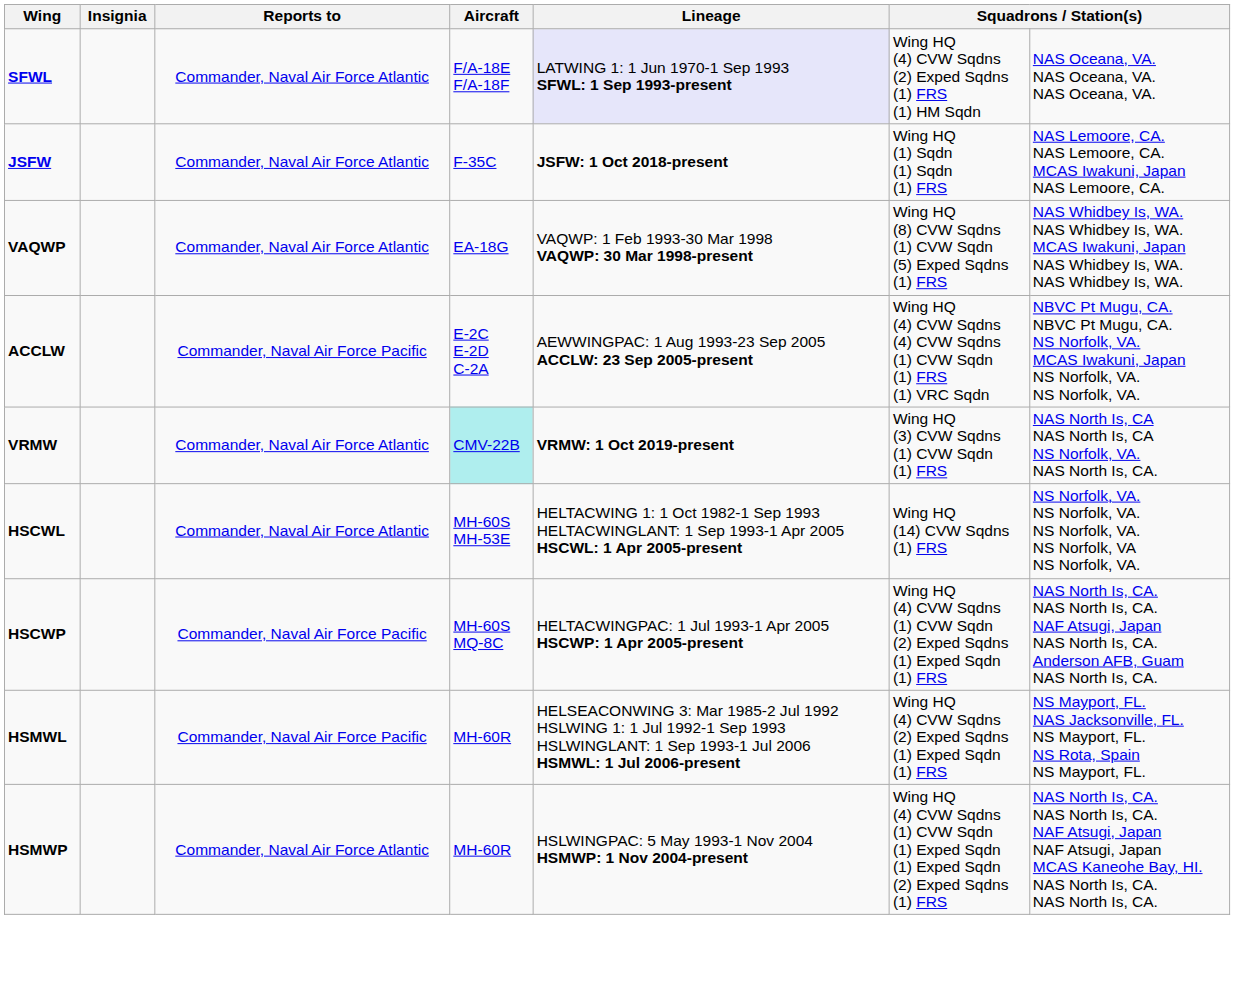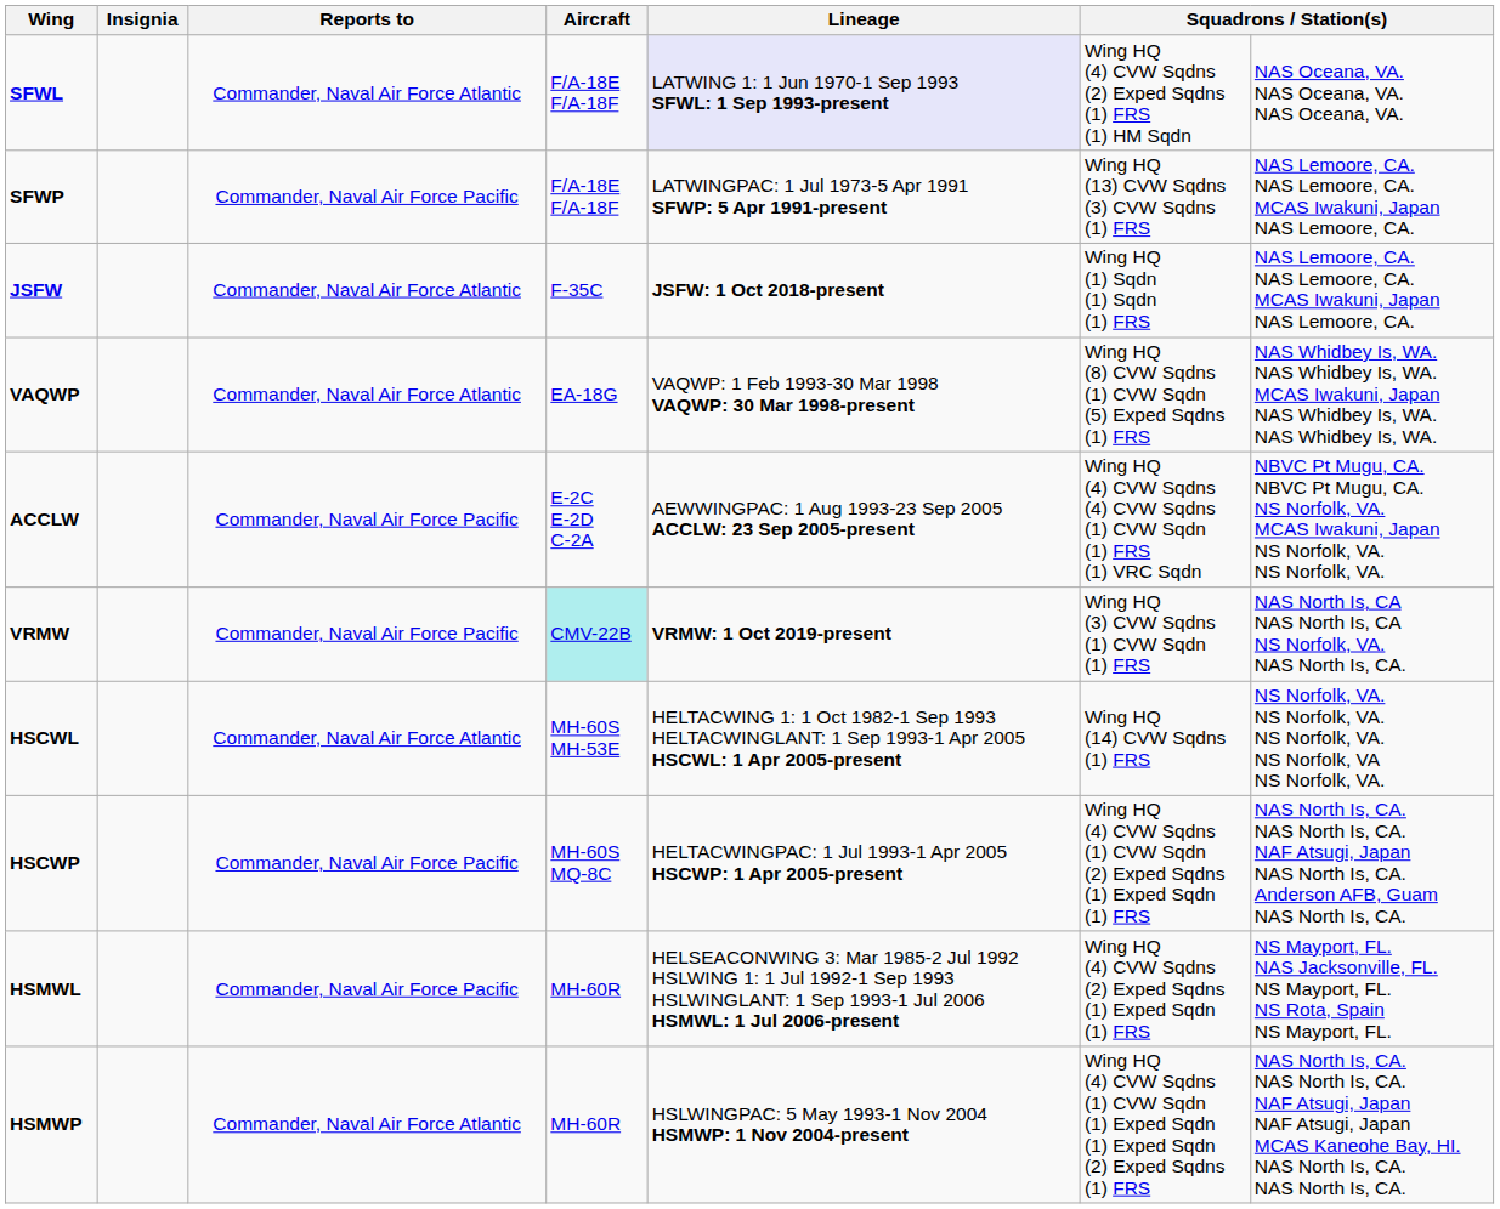 <table class="wikitable" width=100% style="text-align: center">
 <tr>
 <th>Wing</th>
 <th>Insignia</th>
 <th>Reports to</th>
 <th>Aircraft</th>
 <th>Lineage</th>
 <th colspan=2>Squadrons / Station(s)</th>
 </tr>
 <tr>
 <td align=left><strong><a href='#'>SFWL</a></strong></td>
 <td></td>
 <td><a href='#'>Commander, Naval Air Force Atlantic</a></td>
 <td align=left style="white-space: nowrap;"><a href='#'>F/A-18E<br>F/A-18F</a></td>
 <td style="background: lavender; white-space: nowrap;" align=left>LATWING 1: 1 Jun 1970-1 Sep 1993<br><strong>SFWL: 1 Sep 1993-present</strong></td>
 <td style="white-space: nowrap;" align=left>Wing HQ<br>(4) CVW Sqdns<br>(2) Exped Sqdns<br>(1) <a href='#'>FRS</a><br>(1) HM Sqdn</td>
 <td style="white-space: nowrap;" align=left><a href='#'>NAS Oceana, VA.</a><br>NAS Oceana, VA.<br>NAS Oceana, VA.</td>
+</tr>
+<tr>
+<td align=left><strong>SFWP</strong></td>
+<td></td>
+<td><a href='#'>Commander, Naval Air Force Pacific</a></td>
+<td align=left><a href='#'>F/A-18E<br>F/A-18F</a></td>
+<td style="white-space: nowrap;" align=left>LATWINGPAC: 1 Jul 1973-5 Apr 1991<br><strong>SFWP: 5 Apr 1991-present</strong></td>
+<td style="white-space: nowrap;" align=left>Wing HQ<br>(13) CVW Sqdns<br>(3) CVW Sqdns<br>(1) <a href='#'>FRS</a></td>
+<td style="white-space: nowrap;" align=left><a href='#'>NAS Lemoore, CA.</a><br>NAS Lemoore, CA.<br><a href='#'>MCAS Iwakuni, Japan</a><br>NAS Lemoore, CA.</td>
 </tr>
 <tr>
 <td align=left><strong><a href='#'>JSFW</a></strong></td>
 <td></td>
 <td><a href='#'>Commander, Naval Air Force Atlantic</a></td>
 <td align=left><a href='#'>F-35C</a></td>
 <td style="white-space: nowrap;" align=left><strong>JSFW: 1 Oct 2018-present</strong></td>
 <td align=left>Wing HQ<br>(1) Sqdn<br>(1) Sqdn<br>(1) <a href='#'>FRS</a></td>
 <td style="white-space: nowrap;" align=left><a href='#'>NAS Lemoore, CA.</a><br>NAS Lemoore, CA.<br><a href='#'>MCAS Iwakuni, Japan</a><br>NAS Lemoore, CA.</td>
 </tr>
 <tr>
 <td align=left style="white-space: nowrap;"><strong>VAQWP</strong></td>
 <td></td>
 <td><a href='#'>Commander, Naval Air Force Atlantic</a></td>
 <td align=left><a href='#'>EA-18G</a></td>
 <td style="white-space: nowrap;" align=left>VAQWP: 1 Feb 1993-30 Mar 1998<br><strong>VAQWP: 30 Mar 1998-present</strong></td>
 <td style="white-space: nowrap;" align=left>Wing HQ<br>(8) CVW Sqdns<br>(1) CVW Sqdn<br>(5) Exped Sqdns<br>(1) <a href='#'>FRS</a></td>
 <td style="white-space: nowrap;" align=left><a href='#'>NAS Whidbey Is, WA.</a><br>NAS Whidbey Is, WA.<br><a href='#'>MCAS Iwakuni, Japan</a><br>NAS Whidbey Is, WA.<br>NAS Whidbey Is, WA.</td>
 </tr>
 <tr>
 <td align=left><strong>ACCLW</strong></td>
 <td></td>
 <td><a href='#'>Commander, Naval Air Force Pacific</a></td>
 <td align=left><a href='#'>E-2C<br>E-2D</a><br><a href='#'>C-2A</a></td>
 <td style="white-space: nowrap;" align=left>AEWWINGPAC: 1 Aug 1993-23 Sep 2005<br><strong>ACCLW: 23 Sep 2005-present</strong></td>
 <td style="white-space: nowrap;" align=left>Wing HQ<br>(4) CVW Sqdns<br>(4) CVW Sqdns<br>(1) CVW Sqdn<br>(1) <a href='#'>FRS</a><br> (1) VRC Sqdn</td>
 <td style="white-space: nowrap;" align=left><a href='#'>NBVC Pt Mugu, CA.</a><br>NBVC Pt Mugu, CA.<br><a href='#'>NS Norfolk, VA.</a><br><a href='#'>MCAS Iwakuni, Japan</a><br>NS Norfolk, VA.<br>NS Norfolk, VA.</td>
 </tr>
 <tr>
 <td align=left><strong>VRMW</strong></td>
 <td></td>
-<td><a href='#'>Commander, Naval Air Force Atlantic</a></td>
+<td><a href='#'>Commander, Naval Air Force Pacific</a></td>
 <td style="background: paleturquoise; white-space: nowrap;" align=left><a href='#'>CMV-22B</a></td>
 <td align=left><strong>VRMW: 1 Oct 2019-present</strong></td>
 <td style="white-space: nowrap;" align=left>Wing HQ<br>(3) CVW Sqdns<br>(1) CVW Sqdn<br>(1) <a href='#'>FRS</a></td>
 <td style="white-space: nowrap;" align=left><a href='#'>NAS North Is, CA</a><br>NAS North Is, CA<br><a href='#'>NS Norfolk, VA.</a><br>NAS North Is, CA.</td>
 </tr>
 <tr>
 <td align=left><strong>HSCWL</strong></td>
 <td></td>
 <td><a href='#'>Commander, Naval Air Force Atlantic</a></td>
 <td align=left><a href='#'>MH-60S</a><br><a href='#'>MH-53E</a></td>
 <td style="white-space: nowrap;" align=left>HELTACWING 1: 1 Oct 1982-1 Sep 1993<br>HELTACWINGLANT: 1 Sep 1993-1 Apr 2005<br><strong>HSCWL: 1 Apr 2005-present</strong></td>
 <td style="white-space: nowrap;" align=left>Wing HQ<br>(14) CVW Sqdns<br>(1) <a href='#'>FRS</a></td>
 <td style="white-space: nowrap;" align=left><a href='#'>NS Norfolk, VA.</a><br>NS Norfolk, VA.<br>NS Norfolk, VA.<br>NS Norfolk, VA<br>NS Norfolk, VA.</td>
 </tr>
 <tr>
 <td align=left><strong>HSCWP</strong></td>
 <td></td>
 <td><a href='#'>Commander, Naval Air Force Pacific</a></td>
 <td align=left><a href='#'>MH-60S</a><br><a href='#'>MQ-8C</a></td>
 <td style="white-space: nowrap;" align=left>HELTACWINGPAC: 1 Jul 1993-1 Apr 2005<br><strong>HSCWP: 1 Apr 2005-present</strong></td>
 <td style="white-space: nowrap;" align=left>Wing HQ<br>(4) CVW Sqdns<br>(1) CVW Sqdn<br>(2) Exped Sqdns<br>(1) Exped Sqdn<br>(1) <a href='#'>FRS</a></td>
 <td style="white-space: nowrap;" align=left><a href='#'>NAS North Is, CA.</a><br>NAS North Is, CA.<br><a href='#'>NAF Atsugi, Japan</a><br>NAS North Is, CA.<br><a href='#'>Anderson AFB, Guam</a><br>NAS North Is, CA.</td>
 </tr>
 <tr>
 <td align=left><strong>HSMWL</strong></td>
 <td></td>
 <td><a href='#'>Commander, Naval Air Force Pacific</a></td>
 <td align=left><a href='#'>MH-60R</a></td>
 <td style="white-space: nowrap;" align=left>HELSEACONWING 3: Mar 1985-2 Jul 1992<br>HSLWING 1: 1 Jul 1992-1 Sep 1993<br>HSLWINGLANT: 1 Sep 1993-1 Jul 2006<br><strong>HSMWL: 1 Jul 2006-present</strong></td>
 <td style="white-space: nowrap;" align=left>Wing HQ<br>(4) CVW Sqdns<br>(2) Exped Sqdns<br>(1) Exped Sqdn<br>(1) <a href='#'>FRS</a></td>
 <td style="white-space: nowrap;" align=left><a href='#'>NS Mayport, FL.</a><br><a href='#'>NAS Jacksonville, FL.</a><br>NS Mayport, FL.<br><a href='#'>NS Rota, Spain</a><br>NS Mayport, FL.</td>
 </tr>
 <tr>
 <td align=left><strong>HSMWP</strong></td>
 <td></td>
 <td><a href='#'>Commander, Naval Air Force Atlantic</a></td>
 <td align=left><a href='#'>MH-60R</a></td>
 <td style="white-space: nowrap;" align=left>HSLWINGPAC: 5 May 1993-1 Nov 2004<br><strong>HSMWP: 1 Nov 2004-present</strong></td>
 <td style="white-space: nowrap;" align=left>Wing HQ<br>(4) CVW Sqdns<br>(1) CVW Sqdn<br>(1) Exped Sqdn<br>(1) Exped Sqdn<br>(2) Exped Sqdns<br>(1) <a href='#'>FRS</a></td>
 <td style="white-space: nowrap;" align=left><a href='#'>NAS North Is, CA.</a><br>NAS North Is, CA.<br><a href='#'>NAF Atsugi, Japan</a><br>NAF Atsugi, Japan<br><a href='#'>MCAS Kaneohe Bay, HI.</a><br>NAS North Is, CA.<br>NAS North Is, CA.</td>
 </tr>
 </table>
